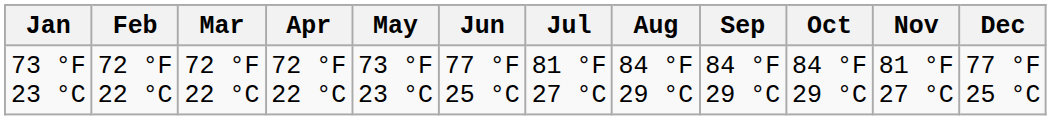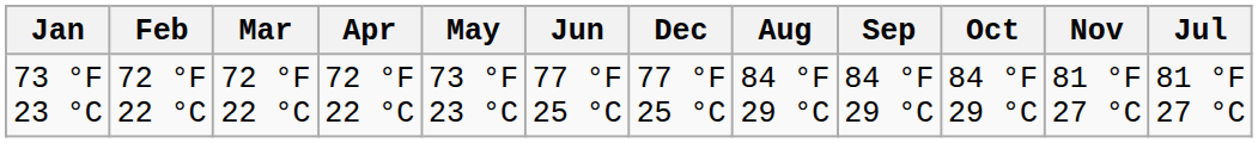 <table class="wikitable">
 <tr>
 <th><strong>Jan</strong></th>
 <th><strong>Feb</strong></th>
 <th><strong>Mar</strong></th>
 <th><strong>Apr</strong></th>
 <th><strong>May</strong></th>
 <th><strong>Jun</strong></th>
-<th><strong>Jul</strong></th>
+<th><strong>Dec</strong></th>
 <th><strong>Aug</strong></th>
 <th><strong>Sep</strong></th>
 <th><strong>Oct</strong></th>
 <th><strong>Nov</strong></th>
-<th><strong>Dec</strong></th>
+<th><strong>Jul</strong></th>
 </tr>
 <tr>
 <td>73 °F<br>23 °C</td>
 <td>72 °F<br>22 °C</td>
 <td>72 °F<br>22 °C</td>
 <td>72 °F<br>22 °C</td>
 <td>73 °F<br>23 °C</td>
 <td>77 °F<br>25 °C</td>
-<td>81 °F<br>27 °C</td>
+<td>77 °F<br>25 °C</td>
 <td>84 °F<br>29 °C</td>
 <td>84 °F<br>29 °C</td>
 <td>84 °F<br>29 °C</td>
 <td>81 °F<br>27 °C</td>
-<td>77 °F<br>25 °C</td>
+<td>81 °F<br>27 °C</td>
 </tr>
 </table>
